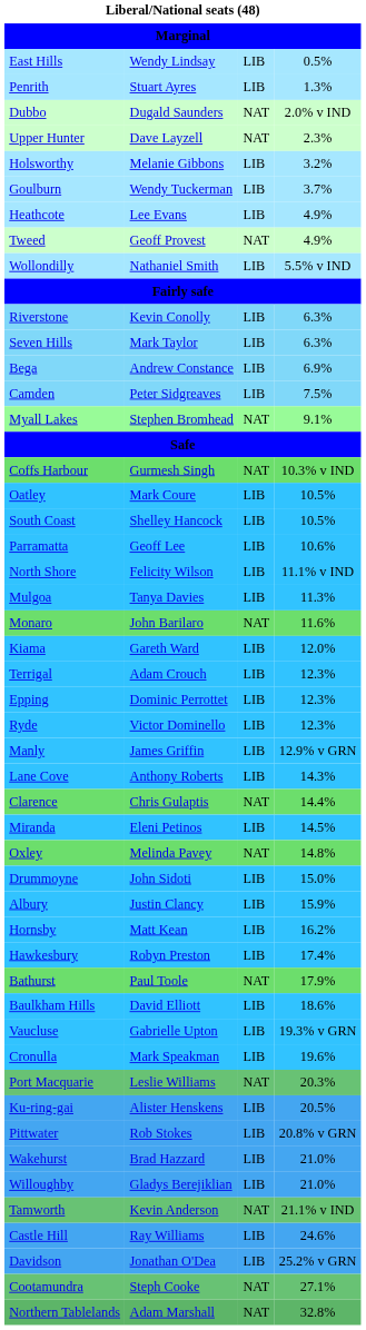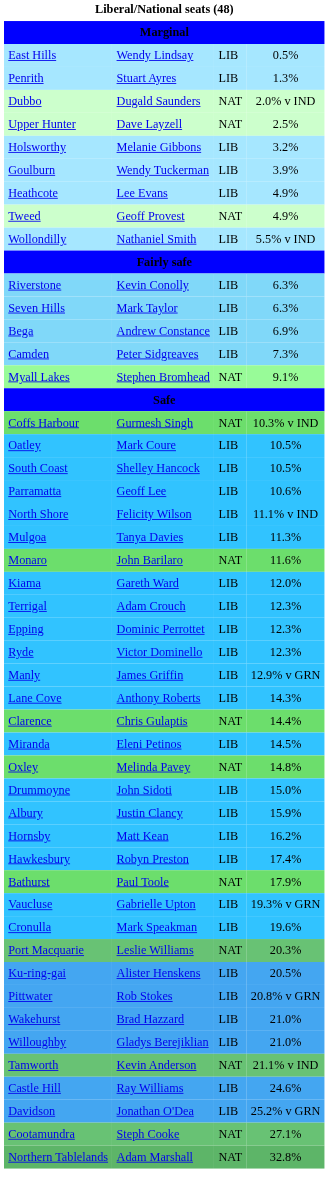 <table class="toccolours" cellpadding="5" cellspacing="0" style="float:left; margin-right:.5em; margin-top:.4em; font-size:90%;">
 <tr>
 <td COLSPAN=4 align="center"><strong>Liberal/National seats (48)</strong></td>
 </tr>
 <tr>
 <td COLSPAN=4 align="center" bgcolor="Blue"><span><strong>Marginal</strong></span></td>
 </tr>
 <tr>
 <td align="left" bgcolor="A6E7FF"><a href='#'>East Hills</a></td>
 <td align="left" bgcolor="A6E7FF"><a href='#'>Wendy Lindsay</a></td>
 <td align="left" bgcolor="A6E7FF">LIB</td>
 <td align="center" bgcolor="A6E7FF">0.5%</td>
 </tr>
 <tr>
 <td align="left" bgcolor="A6E7FF"><a href='#'>Penrith</a></td>
 <td align="left" bgcolor="A6E7FF"><a href='#'>Stuart Ayres</a></td>
 <td align="left" bgcolor="A6E7FF">LIB</td>
 <td align="center" bgcolor="A6E7FF">1.3%</td>
 </tr>
 <tr>
 <td align="left" bgcolor="CCFFCC"><a href='#'>Dubbo</a></td>
 <td align="left" bgcolor="CCFFCC"><a href='#'>Dugald Saunders</a></td>
 <td align="left" bgcolor="CCFFCC">NAT</td>
 <td align="center" bgcolor="CCFFCC">2.0% v IND</td>
 </tr>
 <tr>
 <td align="left" bgcolor="CCFFCC"><a href='#'>Upper Hunter</a></td>
 <td align="left" bgcolor="CCFFCC"><a href='#'>Dave Layzell</a></td>
 <td align="left" bgcolor="CCFFCC">NAT</td>
-<td align="center" bgcolor="CCFFCC">2.3%</td>
+<td align="center" bgcolor="CCFFCC">2.5%</td>
 </tr>
 <tr>
 <td align="left" bgcolor="A6E7FF"><a href='#'>Holsworthy</a></td>
 <td align="left" bgcolor="A6E7FF"><a href='#'>Melanie Gibbons</a></td>
 <td align="left" bgcolor="A6E7FF">LIB</td>
 <td align="center" bgcolor="A6E7FF">3.2%</td>
 </tr>
 <tr>
 <td align="left" bgcolor="A6E7FF"><a href='#'>Goulburn</a></td>
 <td align="left" bgcolor="A6E7FF"><a href='#'>Wendy Tuckerman</a></td>
 <td align="left" bgcolor="A6E7FF">LIB</td>
-<td align="center" bgcolor="A6E7FF">3.7%</td>
+<td align="center" bgcolor="A6E7FF">3.9%</td>
 </tr>
 <tr>
 <td align="left" bgcolor="A6E7FF"><a href='#'>Heathcote</a></td>
 <td align="left" bgcolor="A6E7FF"><a href='#'>Lee Evans</a></td>
 <td align="left" bgcolor="A6E7FF">LIB</td>
 <td align="center" bgcolor="A6E7FF">4.9%</td>
 </tr>
 <tr>
 <td align="left" bgcolor="CCFFCC"><a href='#'>Tweed</a></td>
 <td align="left" bgcolor="CCFFCC"><a href='#'>Geoff Provest</a></td>
 <td align="left" bgcolor="CCFFCC">NAT</td>
 <td align="center" bgcolor="CCFFCC">4.9%</td>
 </tr>
 <tr>
 <td align="left" bgcolor="A6E7FF"><a href='#'>Wollondilly</a></td>
 <td align="left" bgcolor="A6E7FF"><a href='#'>Nathaniel Smith</a></td>
 <td align="left" bgcolor="A6E7FF">LIB</td>
 <td align="center" bgcolor="A6E7FF">5.5% v IND</td>
 </tr>
 <tr>
 <td COLSPAN=4 align="center" bgcolor="Blue"><span><strong>Fairly safe</strong></span></td>
 </tr>
 <tr>
 <td align="left" bgcolor="80D8F9"><a href='#'>Riverstone</a></td>
 <td align="left" bgcolor="80D8F9"><a href='#'>Kevin Conolly</a></td>
 <td align="left" bgcolor="80D8F9">LIB</td>
 <td align="center" bgcolor="80D8F9">6.3%</td>
 </tr>
 <tr>
 <td align="left" bgcolor="80D8F9"><a href='#'>Seven Hills</a></td>
 <td align="left" bgcolor="80D8F9"><a href='#'>Mark Taylor</a></td>
 <td align="left" bgcolor="80D8F9">LIB</td>
 <td align="center" bgcolor="80D8F9">6.3%</td>
 </tr>
 <tr>
 <td align="left" bgcolor="80D8F9"><a href='#'>Bega</a></td>
 <td align="left" bgcolor="80D8F9"><a href='#'>Andrew Constance</a></td>
 <td align="left" bgcolor="80D8F9">LIB</td>
 <td align="center" bgcolor="80D8F9">6.9%</td>
 </tr>
 <tr>
 <td align="left" bgcolor="80D8F9"><a href='#'>Camden</a></td>
 <td align="left" bgcolor="80D8F9"><a href='#'>Peter Sidgreaves</a></td>
 <td align="left" bgcolor="80D8F9">LIB</td>
-<td align="center" bgcolor="80D8F9">7.5%</td>
+<td align="center" bgcolor="80D8F9">7.3%</td>
 </tr>
 <tr>
 <td align="left" bgcolor="98FB98"><a href='#'>Myall Lakes</a></td>
 <td align="left" bgcolor="98FB98"><a href='#'>Stephen Bromhead</a></td>
 <td align="left" bgcolor="98FB98">NAT</td>
 <td align="center" bgcolor="98FB98">9.1%</td>
 </tr>
 <tr>
 <td COLSPAN=4 align="center" bgcolor="blue"><span><strong>Safe</strong></span></td>
 </tr>
 <tr>
 <td align="left" bgcolor="6cde6c"><a href='#'>Coffs Harbour</a></td>
 <td align="left" bgcolor="6cde6c"><a href='#'>Gurmesh Singh</a></td>
 <td align="left" bgcolor="6cde6c">NAT</td>
 <td align="center" bgcolor="6cde6c">10.3% v IND</td>
 </tr>
 <tr>
 <td align="left" bgcolor="31C3FF"><a href='#'>Oatley</a></td>
 <td align="left" bgcolor="31C3FF"><a href='#'>Mark Coure</a></td>
 <td align="left" bgcolor="31C3FF">LIB</td>
 <td align="center" bgcolor="31C3FF">10.5%</td>
 </tr>
 <tr>
 <td align="left" bgcolor="31C3FF"><a href='#'>South Coast</a></td>
 <td align="left" bgcolor="31C3FF"><a href='#'>Shelley Hancock</a></td>
 <td align="left" bgcolor="31C3FF">LIB</td>
 <td align="center" bgcolor="31C3FF">10.5%</td>
 </tr>
 <tr>
 <td align="left" bgcolor="31C3FF"><a href='#'>Parramatta</a></td>
 <td align="left" bgcolor="31C3FF"><a href='#'>Geoff Lee</a></td>
 <td align="left" bgcolor="31C3FF">LIB</td>
 <td align="center" bgcolor="31C3FF">10.6%</td>
 </tr>
 <tr>
 <td align="left" bgcolor="31C3FF"><a href='#'>North Shore</a></td>
 <td align="left" bgcolor="31C3FF"><a href='#'>Felicity Wilson</a></td>
 <td align="left" bgcolor="31C3FF">LIB</td>
 <td align="center" bgcolor="31C3FF">11.1% v IND</td>
 </tr>
 <tr>
 <td align="left" bgcolor="31C3FF"><a href='#'>Mulgoa</a></td>
 <td align="left" bgcolor="31C3FF"><a href='#'>Tanya Davies</a></td>
 <td align="left" bgcolor="31C3FF">LIB</td>
 <td align="center" bgcolor="31C3FF">11.3%</td>
 </tr>
 <tr>
 <td align="left" bgcolor="6cde6c"><a href='#'>Monaro</a></td>
 <td align="left" bgcolor="6cde6c"><a href='#'>John Barilaro</a></td>
 <td align="left" bgcolor="6cde6c">NAT</td>
 <td align="center" bgcolor="6cde6c">11.6%</td>
 </tr>
 <tr>
 <td align="left" bgcolor="31C3FF"><a href='#'>Kiama</a></td>
 <td align="left" bgcolor="31C3FF"><a href='#'>Gareth Ward</a></td>
 <td align="left" bgcolor="31C3FF">LIB</td>
 <td align="center" bgcolor="31C3FF">12.0%</td>
 </tr>
 <tr>
 <td align="left" bgcolor="31C3FF"><a href='#'>Terrigal</a></td>
 <td align="left" bgcolor="31C3FF"><a href='#'>Adam Crouch</a></td>
 <td align="left" bgcolor="31C3FF">LIB</td>
 <td align="center" bgcolor="31C3FF">12.3%</td>
 </tr>
 <tr>
 <td align="left" bgcolor="31C3FF"><a href='#'>Epping</a></td>
 <td align="left" bgcolor="31C3FF"><a href='#'>Dominic Perrottet</a></td>
 <td align="left" bgcolor="31C3FF">LIB</td>
 <td align="center" bgcolor="31C3FF">12.3%</td>
 </tr>
 <tr>
 <td align="left" bgcolor="31C3FF"><a href='#'>Ryde</a></td>
 <td align="left" bgcolor="31C3FF"><a href='#'>Victor Dominello</a></td>
 <td align="left" bgcolor="31C3FF">LIB</td>
 <td align="center" bgcolor="31C3FF">12.3%</td>
 </tr>
 <tr>
 <td align="left" bgcolor="31C3FF"><a href='#'>Manly</a></td>
 <td align="left" bgcolor="31C3FF"><a href='#'>James Griffin</a></td>
 <td align="left" bgcolor="31C3FF">LIB</td>
 <td align="center" bgcolor="31C3FF">12.9% v GRN</td>
 </tr>
 <tr>
 <td align="left" bgcolor="31C3FF"><a href='#'>Lane Cove</a></td>
 <td align="left" bgcolor="31C3FF"><a href='#'>Anthony Roberts</a></td>
 <td align-"left" bgcolor="31C3FF">LIB</td>
 <td align="center" bgcolor="31C3FF">14.3%</td>
 </tr>
 <tr>
 <td align="left" bgcolor="6cde6c"><a href='#'>Clarence</a></td>
 <td align="left" bgcolor="6cde6c"><a href='#'>Chris Gulaptis</a></td>
 <td align="left" bgcolor="6cde6c">NAT</td>
 <td align="center" bgcolor="6cde6c">14.4%</td>
 </tr>
 <tr>
 <td align="left" bgcolor="31C3FF"><a href='#'>Miranda</a></td>
 <td align="left" bgcolor="31C3FF"><a href='#'>Eleni Petinos</a></td>
 <td align="left" bgcolor="31C3FF">LIB</td>
 <td align="center" bgcolor="31C3FF">14.5%</td>
 </tr>
 <tr>
 <td align="left" bgcolor="6cde6c"><a href='#'>Oxley</a></td>
 <td align="left" bgcolor="6cde6c"><a href='#'>Melinda Pavey</a></td>
 <td align="left" bgcolor="6cde6c">NAT</td>
 <td align="center" bgcolor="6cde6c">14.8%</td>
 </tr>
 <tr>
 <td align="left" bgcolor="31C3FF"><a href='#'>Drummoyne</a></td>
 <td align="left" bgcolor="31C3FF"><a href='#'>John Sidoti</a></td>
 <td align="left" bgcolor="31C3FF">LIB</td>
 <td align="center" bgcolor="31C3FF">15.0%</td>
 </tr>
 <tr>
 <td align="left" bgcolor="31C3FF"><a href='#'>Albury</a></td>
 <td align="left" bgcolor="31C3FF"><a href='#'>Justin Clancy</a></td>
 <td align="left" bgcolor="31C3FF">LIB</td>
 <td align="center" bgcolor="31C3FF">15.9%</td>
 </tr>
 <tr>
 <td align="left" bgcolor="31C3FF"><a href='#'>Hornsby</a></td>
 <td align="left" bgcolor="31C3FF"><a href='#'>Matt Kean</a></td>
 <td align="left" bgcolor="31C3FF">LIB</td>
 <td align="center" bgcolor="31C3FF">16.2%</td>
 </tr>
 <tr>
 <td align="left" bgcolor="31C3FF"><a href='#'>Hawkesbury</a></td>
 <td align="left" bgcolor="31C3FF"><a href='#'>Robyn Preston</a></td>
 <td align="left" bgcolor="31C3FF">LIB</td>
 <td align="center" bgcolor="31C3FF">17.4%</td>
 </tr>
 <tr>
 <td align="left" bgcolor="6cde6c"><a href='#'>Bathurst</a></td>
 <td align="left" bgcolor="6cde6c"><a href='#'>Paul Toole</a></td>
 <td align="left" bgcolor="6cde6c">NAT</td>
 <td align="center" bgcolor="6cde6c">17.9%</td>
 </tr>
 <tr>
-<td align="left" bgcolor="31C3FF"><a href='#'>Baulkham Hills</a></td>
-<td align="left" bgcolor="31C3FF"><a href='#'>David Elliott</a></td>
-<td align="left" bgcolor="31C3FF">LIB</td>
-<td align="center" bgcolor="31C3FF">18.6%</td>
-</tr>
-<tr>
 <td align="left" bgcolor="31C3FF"><a href='#'>Vaucluse</a></td>
 <td align="left" bgcolor="31C3FF"><a href='#'>Gabrielle Upton</a></td>
 <td align="left" bgcolor="31C3FF">LIB</td>
 <td align="center" bgcolor="31C3FF">19.3% v GRN</td>
 </tr>
 <tr>
 <td align="left" bgcolor="31C3FF"><a href='#'>Cronulla</a></td>
 <td align="left" bgcolor="31C3FF"><a href='#'>Mark Speakman</a></td>
 <td align="left" bgcolor="31C3FF">LIB</td>
 <td align="center" bgcolor="31C3FF">19.6%</td>
 </tr>
 <tr>
 <td align="left" bgcolor="68c274"><a href='#'>Port Macquarie</a></td>
 <td align="left" bgcolor="68c274"><a href='#'>Leslie Williams</a></td>
 <td align="left" bgcolor="68c274">NAT</td>
 <td align="center" bgcolor="68c274">20.3%</td>
 </tr>
 <tr>
 <td align="left" bgcolor="44A6F1"><a href='#'>Ku-ring-gai</a></td>
 <td align="left" bgcolor="44A6F1"><a href='#'>Alister Henskens</a></td>
 <td align="left" bgcolor="44A6F1">LIB</td>
 <td align="center" bgcolor="44A6F1">20.5%</td>
 </tr>
 <tr>
 <td align="left" bgcolor="44A6F1"><a href='#'>Pittwater</a></td>
 <td align="left" bgcolor="44A6F1"><a href='#'>Rob Stokes</a></td>
 <td align="left" bgcolor="44A6F1">LIB</td>
 <td align="center" bgcolor="44A6F1">20.8% v GRN</td>
 </tr>
 <tr>
 <td align="left" bgcolor="44A6F1"><a href='#'>Wakehurst</a></td>
 <td align="left" bgcolor="44A6F1"><a href='#'>Brad Hazzard</a></td>
 <td align="left" bgcolor="44A6F1">LIB</td>
 <td align="center" bgcolor="44A6F1">21.0%</td>
 </tr>
 <tr>
 <td align="left" bgcolor="44A6F1"><a href='#'>Willoughby</a></td>
 <td align="left" bgcolor="44A6F1"><a href='#'>Gladys Berejiklian</a></td>
 <td align="left" bgcolor="44A6F1">LIB</td>
 <td align="center" bgcolor="44A6F1">21.0%</td>
 </tr>
 <tr>
 <td align="left" bgcolor="68c274"><a href='#'>Tamworth</a></td>
 <td align="left" bgcolor="68c274"><a href='#'>Kevin Anderson</a></td>
 <td align="left" bgcolor="68c274">NAT</td>
 <td align="center" bgcolor="68c274">21.1% v IND</td>
 </tr>
 <tr>
 <td align="left" bgcolor="44A6F1"><a href='#'>Castle Hill</a></td>
 <td align="left" bgcolor="44A6F1"><a href='#'>Ray Williams</a></td>
 <td align="left" bgcolor="44A6F1">LIB</td>
 <td align="center" bgcolor="44A6F1">24.6%</td>
 </tr>
 <tr>
 <td align="left" bgcolor="44A6F1"><a href='#'>Davidson</a></td>
 <td align="left" bgcolor="44A6F1"><a href='#'>Jonathan O'Dea</a></td>
 <td align="left" bgcolor="44A6F1">LIB</td>
 <td align="center" bgcolor="44A6F1">25.2% v GRN</td>
 </tr>
 <tr>
 <td align="left" bgcolor="68c274"><a href='#'>Cootamundra</a></td>
 <td align="left" bgcolor="68c274"><a href='#'>Steph Cooke</a></td>
 <td align="left" bgcolor="68c274">NAT</td>
 <td align="center" bgcolor="68c274">27.1%</td>
 </tr>
 <tr>
 <td align="left" bgcolor="5db568"><a href='#'>Northern Tablelands</a></td>
 <td align="left" bgcolor="5db568"><a href='#'>Adam Marshall</a></td>
 <td align="left" bgcolor="5db568">NAT</td>
 <td align="center" bgcolor="5db568">32.8%</td>
 </tr>
 <tr>
 </tr>
 </table>
